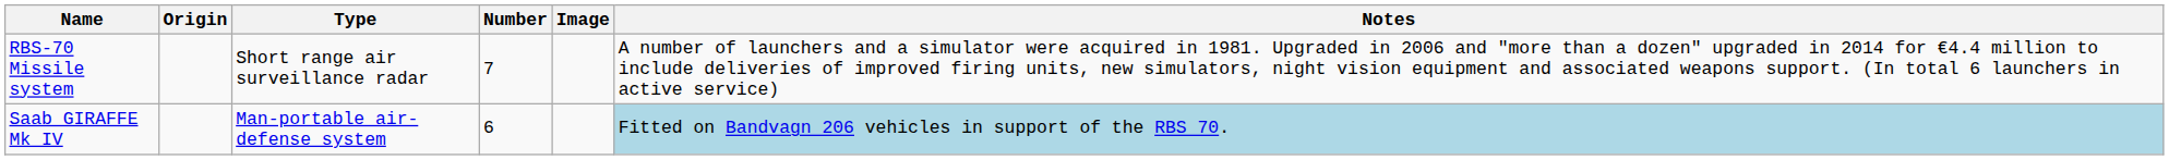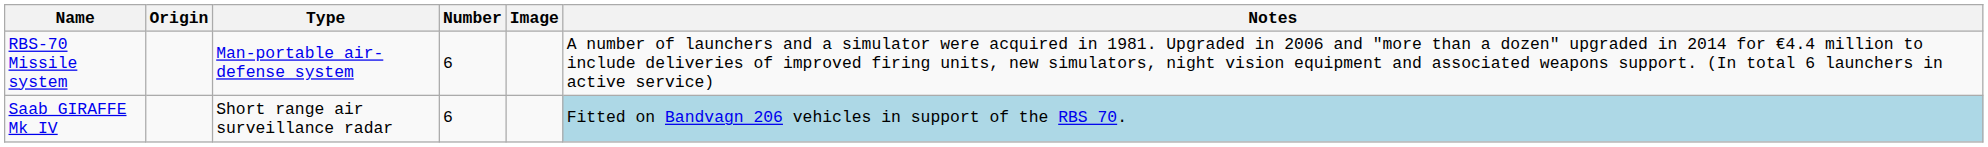 <table class="wikitable">
 <tr>
 <th style="align: center;">Name</th>
 <th>Origin</th>
 <th>Type</th>
 <th>Number</th>
 <th>Image</th>
 <th>Notes</th>
 </tr>
 <tr>
 <td><a href='#'>RBS-70 Missile system</a></td>
 <td></td>
-<td>Short range air surveillance radar</td>
-<td>7</td>
+<td><a href='#'>Man-portable air-defense system</a></td>
+<td>6</td>
 <td></td>
 <td>A number of launchers and a simulator were acquired in 1981. Upgraded in 2006 and "more than a dozen" upgraded in 2014 for €4.4 million to include deliveries of improved firing units, new simulators, night vision equipment and associated weapons support. (In total 6 launchers in active service)</td>
 </tr>
 <tr>
 <td><a href='#'>Saab GIRAFFE Mk IV</a></td>
 <td></td>
-<td><a href='#'>Man-portable air-defense system</a></td>
+<td>Short range air surveillance radar</td>
 <td>6</td>
 <td></td>
 <td style="background: lightblue;">Fitted on <a href='#'>Bandvagn 206</a> vehicles in support of the <a href='#'>RBS 70</a>.</td>
 </tr>
 </table>
